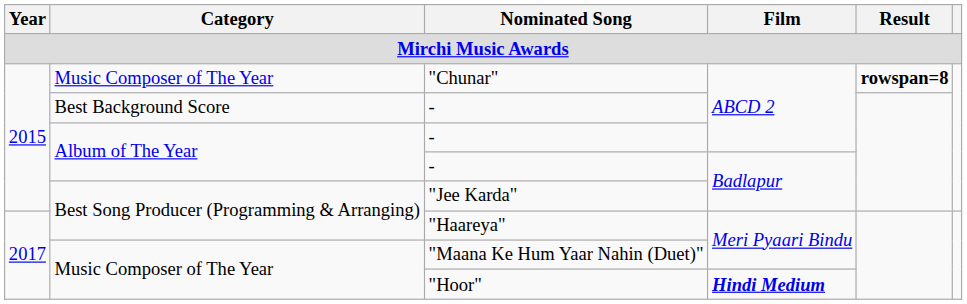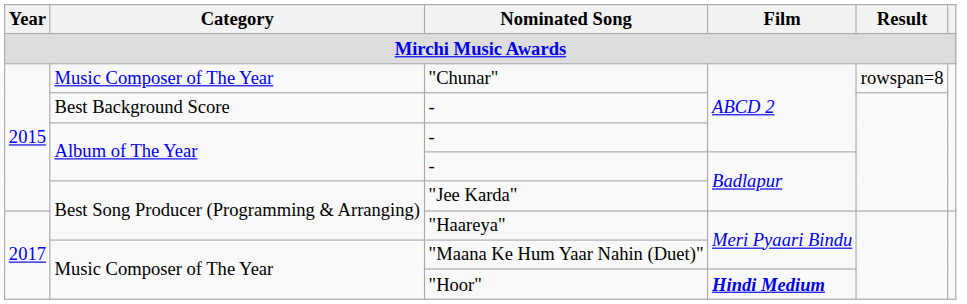 <table class="wikitable plainrowheaders">
 <tr>
 <th>Year</th>
 <th>Category</th>
 <th>Nominated Song</th>
 <th>Film</th>
 <th>Result</th>
 <th></th>
 </tr>
 <tr>
 <td colspan="6" style="text-align: center; background:#ddd; "><strong><a href='#'>Mirchi Music Awards</a></strong></td>
 </tr>
 <tr>
 <td rowspan=5><a href='#'>2015</a></td>
 <td><a href='#'>Music Composer of The Year</a></td>
 <td>"Chunar"</td>
 <td rowspan=3><em><a href='#'>ABCD 2</a></em></td>
-<td><strong>rowspan=8 </strong></td>
+<td>rowspan=8 </td>
 <td rowspan=5></td>
 </tr>
 <tr>
 <td>Best Background Score</td>
 <td>-</td>
 </tr>
 <tr>
 <td rowspan=2><a href='#'>Album of The Year</a></td>
 <td>-</td>
 </tr>
 <tr>
 <td>-</td>
 <td rowspan=2><em><a href='#'>Badlapur</a></em></td>
 </tr>
 <tr>
 <td rowspan=2>Best Song Producer (Programming & Arranging)</td>
 <td>"Jee Karda"</td>
 </tr>
 <tr>
 <td rowspan=3><a href='#'>2017</a></td>
 <td>"Haareya"</td>
 <td rowspan=2><em><a href='#'>Meri Pyaari Bindu</a></em></td>
 <td rowspan=3></td>
 </tr>
 <tr>
 <td rowspan=2>Music Composer of The Year</td>
 <td>"Maana Ke Hum Yaar Nahin (Duet)"</td>
 </tr>
 <tr>
 <td>"Hoor"</td>
 <td><strong><em><a href='#'>Hindi Medium</a></em></strong></td>
 </tr>
 </table>
